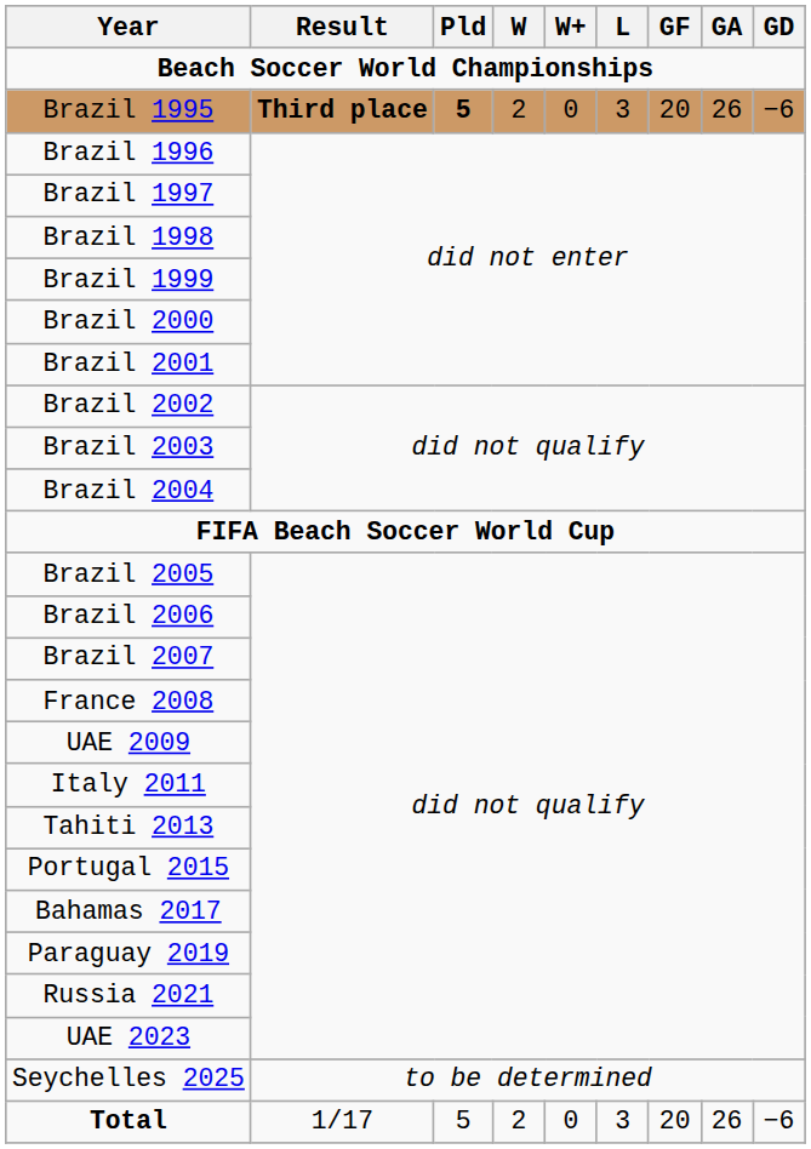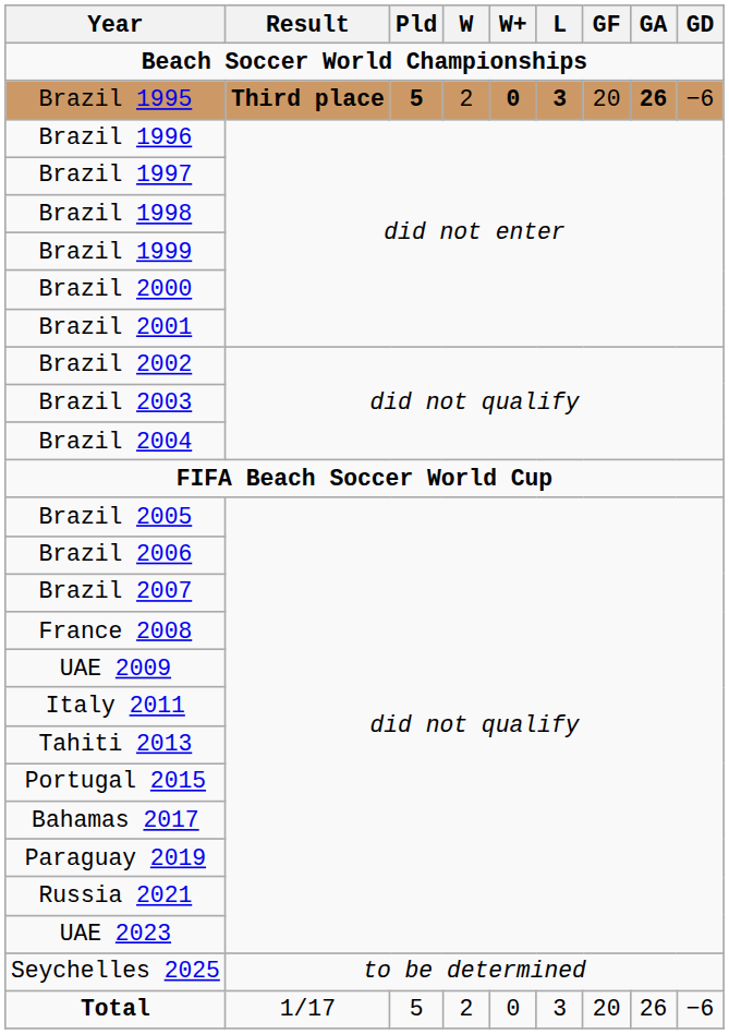 <table class="wikitable" style="text-align: center;">
 <tr>
 <th>Year</th>
 <th>Result</th>
 <th width=20>Pld</th>
 <th width=20>W</th>
 <th width=20>W+</th>
 <th width=20>L</th>
 <th width=20>GF</th>
 <th width=20>GA</th>
 <th width=20>GD</th>
 </tr>
 <tr>
 <td colspan=9><strong>Beach Soccer World Championships</strong></td>
 </tr>
 <tr style="background:#c96;">
 <td> Brazil <a href='#'>1995</a></td>
 <td><strong>Third place</strong></td>
 <td><strong>5</strong></td>
 <td>2</td>
-<td>0</td>
-<td>3</td>
+<td><strong>0</strong></td>
+<td><strong>3</strong></td>
 <td>20</td>
-<td>26</td>
+<td><strong>26</strong></td>
 <td>−6</td>
 </tr>
 <tr>
 <td> Brazil <a href='#'>1996</a></td>
 <td colspan=9 rowspan=6><em>did not enter</em></td>
 </tr>
 <tr>
 <td> Brazil <a href='#'>1997</a></td>
 </tr>
 <tr>
 <td> Brazil <a href='#'>1998</a></td>
 </tr>
 <tr>
 <td> Brazil <a href='#'>1999</a></td>
 </tr>
 <tr>
 <td> Brazil <a href='#'>2000</a></td>
 </tr>
 <tr>
 <td> Brazil <a href='#'>2001</a></td>
 </tr>
 <tr>
 <td> Brazil <a href='#'>2002</a></td>
 <td colspan=9 rowspan=3><em>did not qualify</em></td>
 </tr>
 <tr>
 <td> Brazil <a href='#'>2003</a></td>
 </tr>
 <tr>
 <td> Brazil <a href='#'>2004</a></td>
 </tr>
 <tr>
 <td colspan=9><strong>FIFA Beach Soccer World Cup</strong></td>
 </tr>
 <tr>
 <td> Brazil <a href='#'>2005</a></td>
 <td colspan=10 rowspan=12><em>did not qualify</em></td>
 </tr>
 <tr>
 <td> Brazil <a href='#'>2006</a></td>
 </tr>
 <tr>
 <td> Brazil <a href='#'>2007</a></td>
 </tr>
 <tr>
 <td> France <a href='#'>2008</a></td>
 </tr>
 <tr>
 <td> UAE <a href='#'>2009</a></td>
 </tr>
 <tr>
 <td> Italy <a href='#'>2011</a></td>
 </tr>
 <tr>
 <td> Tahiti <a href='#'>2013</a></td>
 </tr>
 <tr>
 <td> Portugal <a href='#'>2015</a></td>
 </tr>
 <tr>
 <td> Bahamas <a href='#'>2017</a></td>
 </tr>
 <tr>
 <td> Paraguay <a href='#'>2019</a></td>
 </tr>
 <tr>
 <td> Russia <a href='#'>2021</a></td>
 </tr>
 <tr>
 <td> UAE <a href='#'>2023</a></td>
 </tr>
 <tr>
 <td> Seychelles <a href='#'>2025</a></td>
 <td colspan=10><em>to be determined</em></td>
 </tr>
 <tr>
 <td><strong>Total</strong></td>
 <td>1/17</td>
 <td>5</td>
 <td>2</td>
 <td>0</td>
 <td>3</td>
 <td>20</td>
 <td>26</td>
 <td>−6</td>
 </tr>
 </table>
